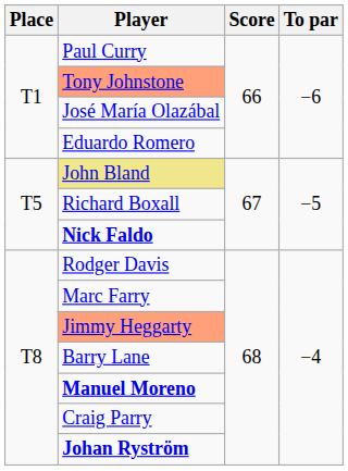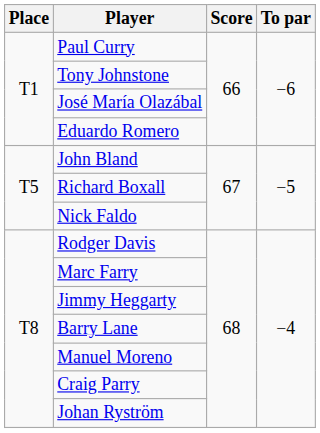 <table class="wikitable">
 <tr>
 <th>Place</th>
 <th>Player</th>
 <th>Score</th>
 <th>To par</th>
 </tr>
 <tr>
 <td rowspan=4 align=center>T1</td>
 <td> <a href='#'>Paul Curry</a></td>
 <td rowspan=4 align=center>66</td>
 <td rowspan=4 align=center>−6</td>
 </tr>
 <tr>
-<td style="background: lightsalmon;"> <a href='#'>Tony Johnstone</a></td>
+<td> <a href='#'>Tony Johnstone</a></td>
 </tr>
 <tr>
 <td> <a href='#'>José María Olazábal</a></td>
 </tr>
 <tr>
 <td> <a href='#'>Eduardo Romero</a></td>
 </tr>
 <tr>
 <td rowspan=3 align=center>T5</td>
-<td style="background: khaki;"> <a href='#'>John Bland</a></td>
+<td> <a href='#'>John Bland</a></td>
 <td rowspan=3 align=center>67</td>
 <td rowspan=3 align=center>−5</td>
 </tr>
 <tr>
 <td> <a href='#'>Richard Boxall</a></td>
 </tr>
 <tr>
-<td><strong> <a href='#'>Nick Faldo</a></strong></td>
+<td> <a href='#'>Nick Faldo</a></td>
 </tr>
 <tr>
 <td rowspan=7 align=center>T8</td>
 <td> <a href='#'>Rodger Davis</a></td>
 <td rowspan=7 align=center>68</td>
 <td rowspan=7 align=center>−4</td>
 </tr>
 <tr>
 <td> <a href='#'>Marc Farry</a></td>
 </tr>
 <tr>
-<td style="background: lightsalmon;"> <a href='#'>Jimmy Heggarty</a></td>
+<td> <a href='#'>Jimmy Heggarty</a></td>
 </tr>
 <tr>
 <td> <a href='#'>Barry Lane</a></td>
 </tr>
 <tr>
-<td><strong> <a href='#'>Manuel Moreno</a></strong></td>
+<td> <a href='#'>Manuel Moreno</a></td>
 </tr>
 <tr>
 <td> <a href='#'>Craig Parry</a></td>
 </tr>
 <tr>
-<td><strong> <a href='#'>Johan Ryström</a></strong></td>
+<td> <a href='#'>Johan Ryström</a></td>
 </tr>
 </table>
